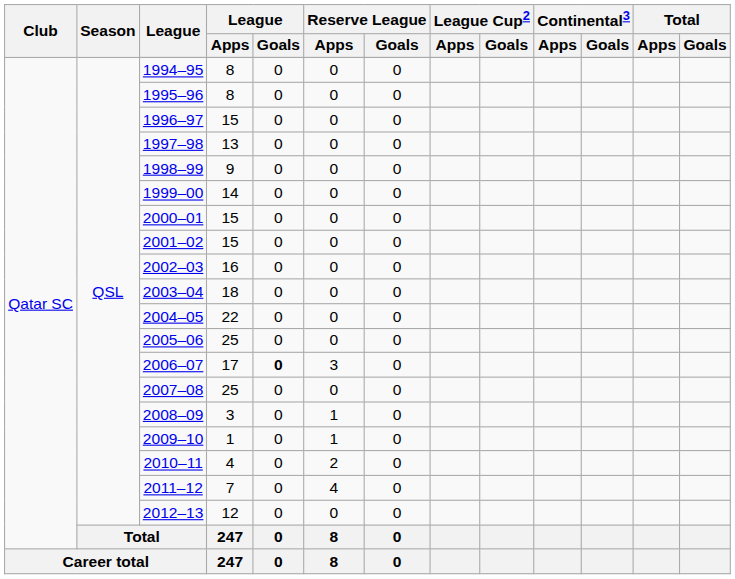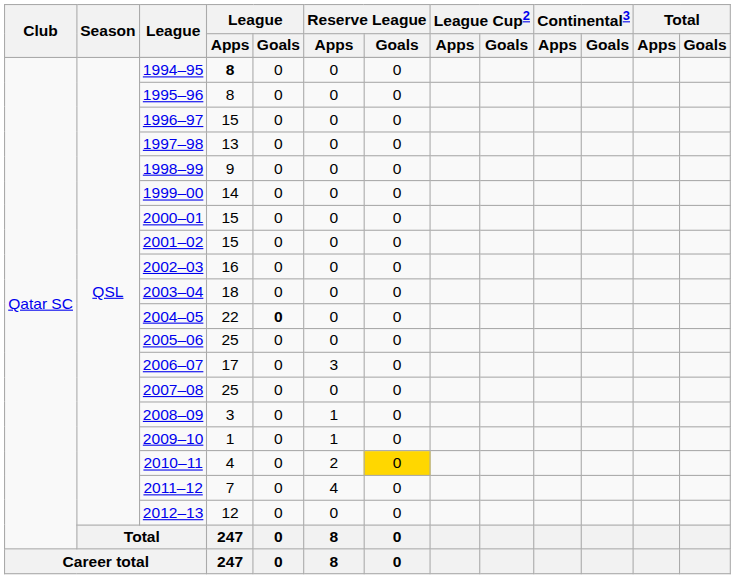 <table class="wikitable" style="font-size:90%; text-align:center;">
 <tr>
 <th rowspan="2">Club</th>
 <th rowspan="2">Season</th>
 <th rowspan="2">League</th>
 <th colspan="2">League</th>
 <th colspan="2">Reserve League</th>
 <th colspan="2">League Cup<sup><a href='#'>2</a></sup></th>
 <th colspan="2">Continental<sup><a href='#'>3</a></sup></th>
 <th colspan="2">Total</th>
 </tr>
 <tr>
 <th>Apps</th>
 <th>Goals</th>
 <th>Apps</th>
 <th>Goals</th>
 <th>Apps</th>
 <th>Goals</th>
 <th>Apps</th>
 <th>Goals</th>
 <th>Apps</th>
 <th>Goals</th>
 </tr>
 <tr>
 <td rowspan="21"><a href='#'>Qatar SC</a></td>
 <td rowspan="20" valign="center"><a href='#'>QSL</a></td>
 </tr>
 <tr>
 <td><a href='#'>1994–95</a></td>
-<td>8</td>
+<td><strong>8</strong></td>
 <td>0</td>
 <td>0</td>
 <td>0</td>
 <td></td>
 <td></td>
 <td></td>
 <td></td>
 <td></td>
 <td></td>
 </tr>
 <tr>
 <td><a href='#'>1995–96</a></td>
 <td>8</td>
 <td>0</td>
 <td>0</td>
 <td>0</td>
 <td></td>
 <td></td>
 <td></td>
 <td></td>
 <td></td>
 <td></td>
 </tr>
 <tr>
 <td><a href='#'>1996–97</a></td>
 <td>15</td>
 <td>0</td>
 <td>0</td>
 <td>0</td>
 <td></td>
 <td></td>
 <td></td>
 <td></td>
 <td></td>
 <td></td>
 </tr>
 <tr>
 <td><a href='#'>1997–98</a></td>
 <td>13</td>
 <td>0</td>
 <td>0</td>
 <td>0</td>
 <td></td>
 <td></td>
 <td></td>
 <td></td>
 <td></td>
 <td></td>
 </tr>
 <tr>
 <td><a href='#'>1998–99</a></td>
 <td>9</td>
 <td>0</td>
 <td>0</td>
 <td>0</td>
 <td></td>
 <td></td>
 <td></td>
 <td></td>
 <td></td>
 <td></td>
 </tr>
 <tr>
 <td><a href='#'>1999–00</a></td>
 <td>14</td>
 <td>0</td>
 <td>0</td>
 <td>0</td>
 <td></td>
 <td></td>
 <td></td>
 <td></td>
 <td></td>
 <td></td>
 </tr>
 <tr>
 <td><a href='#'>2000–01</a></td>
 <td>15</td>
 <td>0</td>
 <td>0</td>
 <td>0</td>
 <td></td>
 <td></td>
 <td></td>
 <td></td>
 <td></td>
 <td></td>
 </tr>
 <tr>
 <td><a href='#'>2001–02</a></td>
 <td>15</td>
 <td>0</td>
 <td>0</td>
 <td>0</td>
 <td></td>
 <td></td>
 <td></td>
 <td></td>
 <td></td>
 <td></td>
 </tr>
 <tr>
 <td><a href='#'>2002–03</a></td>
 <td>16</td>
 <td>0</td>
 <td>0</td>
 <td>0</td>
 <td></td>
 <td></td>
 <td></td>
 <td></td>
 <td></td>
 <td></td>
 </tr>
 <tr>
 <td><a href='#'>2003–04</a></td>
 <td>18</td>
 <td>0</td>
 <td>0</td>
 <td>0</td>
 <td></td>
 <td></td>
 <td></td>
 <td></td>
 <td></td>
 <td></td>
 </tr>
 <tr>
 <td><a href='#'>2004–05</a></td>
 <td>22</td>
-<td>0</td>
+<td><strong>0</strong></td>
 <td>0</td>
 <td>0</td>
 <td></td>
 <td></td>
 <td></td>
 <td></td>
 <td></td>
 <td></td>
 </tr>
 <tr>
 <td><a href='#'>2005–06</a></td>
 <td>25</td>
 <td>0</td>
 <td>0</td>
 <td>0</td>
 <td></td>
 <td></td>
 <td></td>
 <td></td>
 <td></td>
 <td></td>
 </tr>
 <tr>
 <td><a href='#'>2006–07</a></td>
 <td>17</td>
-<td><strong>0</strong></td>
+<td>0</td>
 <td>3</td>
 <td>0</td>
 <td></td>
 <td></td>
 <td></td>
 <td></td>
 <td></td>
 <td></td>
 </tr>
 <tr>
 <td><a href='#'>2007–08</a></td>
 <td>25</td>
 <td>0</td>
 <td>0</td>
 <td>0</td>
 <td></td>
 <td></td>
 <td></td>
 <td></td>
 <td></td>
 <td></td>
 </tr>
 <tr>
 <td><a href='#'>2008–09</a></td>
 <td>3</td>
 <td>0</td>
 <td>1</td>
 <td>0</td>
 <td></td>
 <td></td>
 <td></td>
 <td></td>
 <td></td>
 <td></td>
 </tr>
 <tr>
 <td><a href='#'>2009–10</a></td>
 <td>1</td>
 <td>0</td>
 <td>1</td>
 <td>0</td>
 <td></td>
 <td></td>
 <td></td>
 <td></td>
 <td></td>
 <td></td>
 </tr>
 <tr>
 <td><a href='#'>2010–11</a></td>
 <td>4</td>
 <td>0</td>
 <td>2</td>
-<td>0</td>
+<td style="background: gold;">0</td>
 <td></td>
 <td></td>
 <td></td>
 <td></td>
 <td></td>
 <td></td>
 </tr>
 <tr>
 <td><a href='#'>2011–12</a></td>
 <td>7</td>
 <td>0</td>
 <td>4</td>
 <td>0</td>
 <td></td>
 <td></td>
 <td></td>
 <td></td>
 <td></td>
 <td></td>
 </tr>
 <tr>
 <td><a href='#'>2012–13</a></td>
 <td>12</td>
 <td>0</td>
 <td>0</td>
 <td>0</td>
 <td></td>
 <td></td>
 <td></td>
 <td></td>
 <td></td>
 <td></td>
 </tr>
 <tr>
 <th colspan="2">Total</th>
 <th>247</th>
 <th>0</th>
 <th>8</th>
 <th>0</th>
 <th></th>
 <th></th>
 <th></th>
 <th></th>
 <th></th>
 <th></th>
 </tr>
 <tr>
 <th colspan="3">Career total</th>
 <th>247</th>
 <th>0</th>
 <th>8</th>
 <th>0</th>
 <th></th>
 <th></th>
 <th></th>
 <th></th>
 <th></th>
 <th></th>
 </tr>
 </table>
